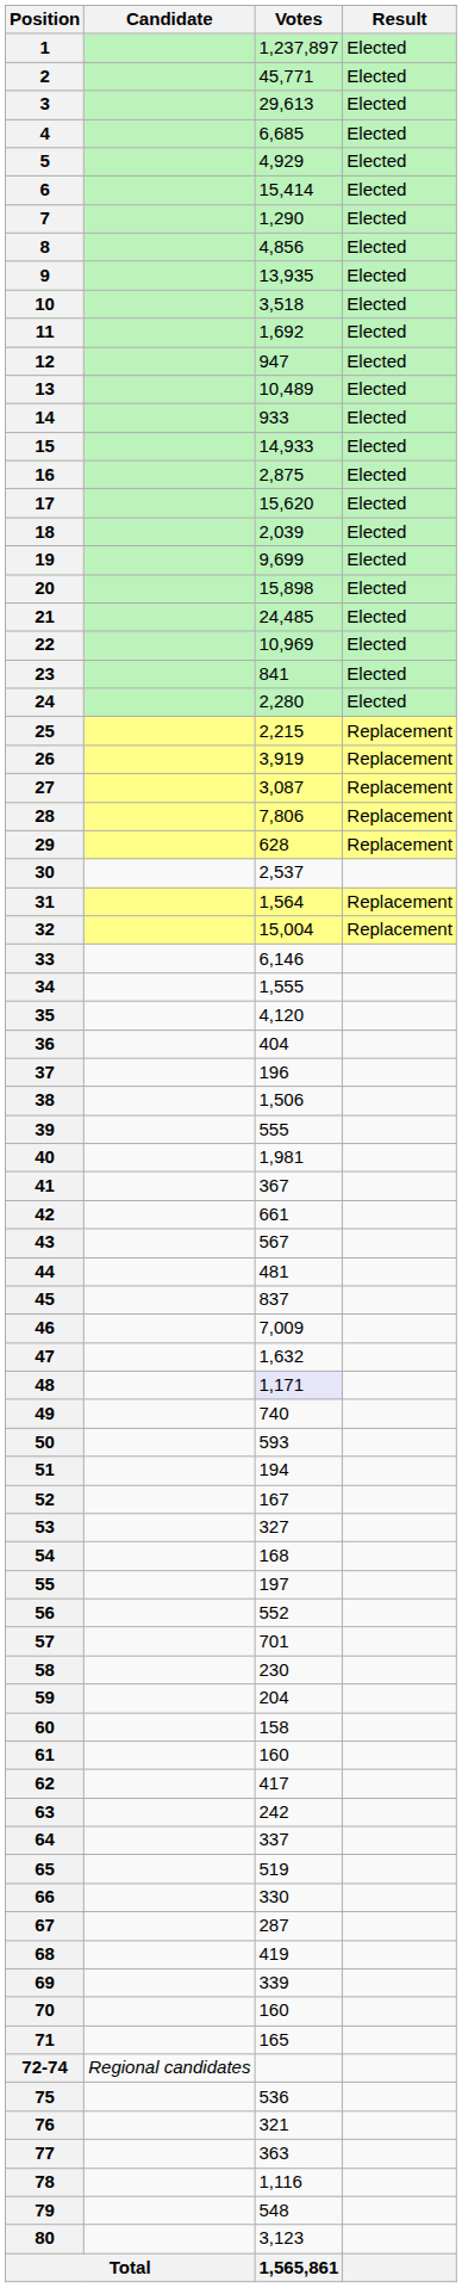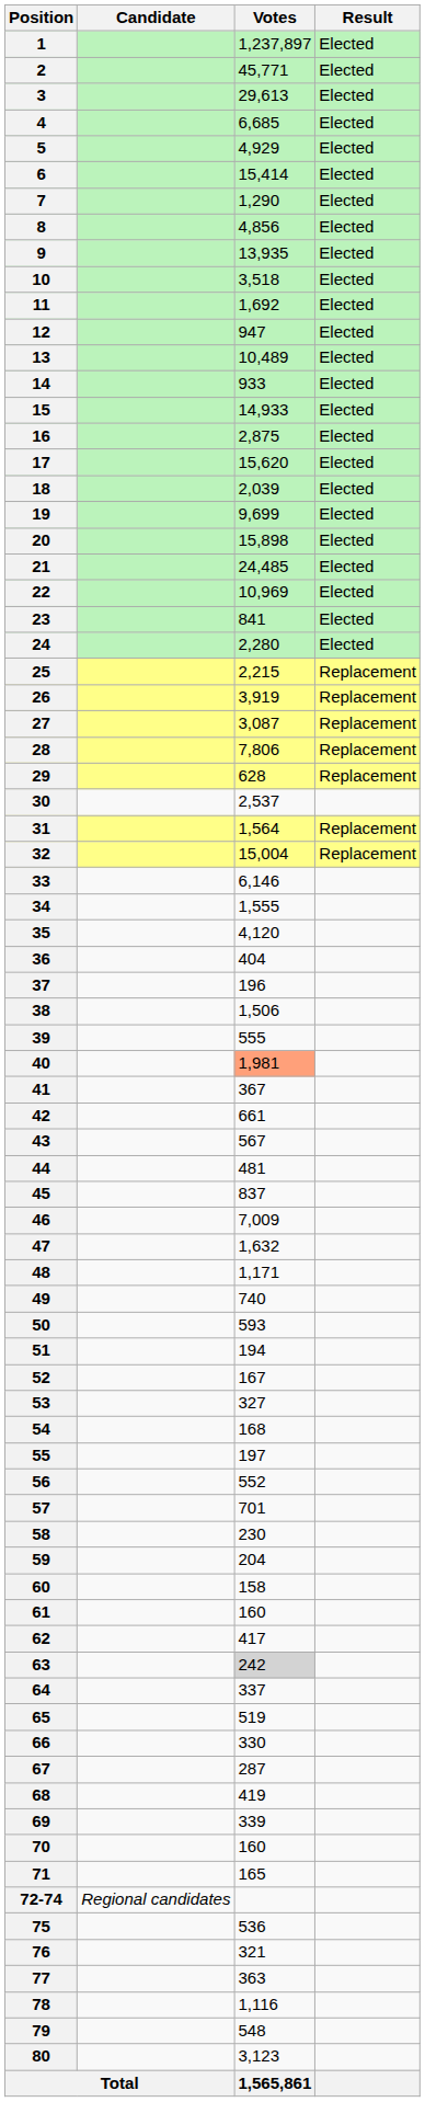 <table class="wikitable sortable col3right">
 <tr>
 <th scope="col">Position</th>
 <th scope="col">Candidate</th>
 <th scope="col">Votes</th>
 <th scope="col">Result</th>
 </tr>
 <tr bgcolor=bbf3bb>
 <th scope="row">1</th>
 <td></td>
 <td>1,237,897</td>
 <td>Elected</td>
 </tr>
 <tr bgcolor=bbf3bb>
 <th scope="row">2</th>
 <td></td>
 <td>45,771</td>
 <td>Elected</td>
 </tr>
 <tr bgcolor=bbf3bb>
 <th scope="row">3</th>
 <td></td>
 <td>29,613</td>
 <td>Elected</td>
 </tr>
 <tr bgcolor=bbf3bb>
 <th scope="row">4</th>
 <td></td>
 <td>6,685</td>
 <td>Elected</td>
 </tr>
 <tr bgcolor=bbf3bb>
 <th scope="row">5</th>
 <td></td>
 <td>4,929</td>
 <td>Elected</td>
 </tr>
 <tr bgcolor=bbf3bb>
 <th scope="row">6</th>
 <td></td>
 <td>15,414</td>
 <td>Elected</td>
 </tr>
 <tr bgcolor=bbf3bb>
 <th scope="row">7</th>
 <td></td>
 <td>1,290</td>
 <td>Elected</td>
 </tr>
 <tr bgcolor=bbf3bb>
 <th scope="row">8</th>
 <td></td>
 <td>4,856</td>
 <td>Elected</td>
 </tr>
 <tr bgcolor=bbf3bb>
 <th scope="row">9</th>
 <td></td>
 <td>13,935</td>
 <td>Elected</td>
 </tr>
 <tr bgcolor=bbf3bb>
 <th scope="row">10</th>
 <td></td>
 <td>3,518</td>
 <td>Elected</td>
 </tr>
 <tr bgcolor=bbf3bb>
 <th scope="row">11</th>
 <td></td>
 <td>1,692</td>
 <td>Elected</td>
 </tr>
 <tr bgcolor=bbf3bb>
 <th scope="row">12</th>
 <td></td>
 <td>947</td>
 <td>Elected</td>
 </tr>
 <tr bgcolor=bbf3bb>
 <th scope="row">13</th>
 <td></td>
 <td>10,489</td>
 <td>Elected</td>
 </tr>
 <tr bgcolor=bbf3bb>
 <th scope="row">14</th>
 <td></td>
 <td>933</td>
 <td>Elected</td>
 </tr>
 <tr bgcolor=bbf3bb>
 <th scope="row">15</th>
 <td></td>
 <td>14,933</td>
 <td>Elected</td>
 </tr>
 <tr bgcolor=bbf3bb>
 <th scope="row">16</th>
 <td></td>
 <td>2,875</td>
 <td>Elected</td>
 </tr>
 <tr bgcolor=bbf3bb>
 <th scope="row">17</th>
 <td></td>
 <td>15,620</td>
 <td>Elected</td>
 </tr>
 <tr bgcolor=bbf3bb>
 <th scope="row">18</th>
 <td></td>
 <td>2,039</td>
 <td>Elected</td>
 </tr>
 <tr bgcolor=bbf3bb>
 <th scope="row">19</th>
 <td></td>
 <td>9,699</td>
 <td>Elected</td>
 </tr>
 <tr bgcolor=bbf3bb>
 <th scope="row">20</th>
 <td></td>
 <td>15,898</td>
 <td>Elected</td>
 </tr>
 <tr bgcolor=bbf3bb>
 <th scope="row">21</th>
 <td></td>
 <td>24,485</td>
 <td>Elected</td>
 </tr>
 <tr bgcolor=bbf3bb>
 <th scope="row">22</th>
 <td></td>
 <td>10,969</td>
 <td>Elected</td>
 </tr>
 <tr bgcolor=bbf3bb>
 <th scope="row">23</th>
 <td></td>
 <td>841</td>
 <td>Elected</td>
 </tr>
 <tr bgcolor=bbf3bb>
 <th scope="row">24</th>
 <td></td>
 <td>2,280</td>
 <td>Elected</td>
 </tr>
 <tr bgcolor=#FF8>
 <th scope="row">25</th>
 <td></td>
 <td>2,215</td>
 <td>Replacement</td>
 </tr>
 <tr bgcolor=#FF8>
 <th scope="row">26</th>
 <td></td>
 <td>3,919</td>
 <td>Replacement</td>
 </tr>
 <tr bgcolor=#FF8>
 <th scope="row">27</th>
 <td></td>
 <td>3,087</td>
 <td>Replacement</td>
 </tr>
 <tr bgcolor=#FF8>
 <th scope="row">28</th>
 <td></td>
 <td>7,806</td>
 <td>Replacement</td>
 </tr>
 <tr bgcolor=#FF8>
 <th scope="row">29</th>
 <td></td>
 <td>628</td>
 <td>Replacement</td>
 </tr>
 <tr>
 <th scope="row">30</th>
 <td></td>
 <td>2,537</td>
 <td></td>
 </tr>
 <tr bgcolor=#FF8>
 <th scope="row">31</th>
 <td></td>
 <td>1,564</td>
 <td>Replacement</td>
 </tr>
 <tr bgcolor=#FF8>
 <th scope="row">32</th>
 <td></td>
 <td>15,004</td>
 <td>Replacement</td>
 </tr>
 <tr>
 <th scope="row">33</th>
 <td></td>
 <td>6,146</td>
 <td></td>
 </tr>
 <tr>
 <th scope="row">34</th>
 <td></td>
 <td>1,555</td>
 <td></td>
 </tr>
 <tr>
 <th scope="row">35</th>
 <td></td>
 <td>4,120</td>
 <td></td>
 </tr>
 <tr>
 <th scope="row">36</th>
 <td></td>
 <td>404</td>
 <td></td>
 </tr>
 <tr>
 <th scope="row">37</th>
 <td></td>
 <td>196</td>
 <td></td>
 </tr>
 <tr>
 <th scope="row">38</th>
 <td></td>
 <td>1,506</td>
 <td></td>
 </tr>
 <tr>
 <th scope="row">39</th>
 <td></td>
 <td>555</td>
 <td></td>
 </tr>
 <tr>
 <th scope="row">40</th>
 <td></td>
-<td>1,981</td>
+<td style="background: lightsalmon;">1,981</td>
 <td></td>
 </tr>
 <tr>
 <th scope="row">41</th>
 <td></td>
 <td>367</td>
 <td></td>
 </tr>
 <tr>
 <th scope="row">42</th>
 <td></td>
 <td>661</td>
 <td></td>
 </tr>
 <tr>
 <th scope="row">43</th>
 <td></td>
 <td>567</td>
 <td></td>
 </tr>
 <tr>
 <th scope="row">44</th>
 <td></td>
 <td>481</td>
 <td></td>
 </tr>
 <tr>
 <th scope="row">45</th>
 <td></td>
 <td>837</td>
 <td></td>
 </tr>
 <tr>
 <th scope="row">46</th>
 <td></td>
 <td>7,009</td>
 <td></td>
 </tr>
 <tr>
 <th scope="row">47</th>
 <td></td>
 <td>1,632</td>
 <td></td>
 </tr>
 <tr>
 <th scope="row">48</th>
 <td></td>
-<td style="background: lavender;">1,171</td>
+<td>1,171</td>
 <td></td>
 </tr>
 <tr>
 <th scope="row">49</th>
 <td></td>
 <td>740</td>
 <td></td>
 </tr>
 <tr>
 <th scope="row">50</th>
 <td></td>
 <td>593</td>
 <td></td>
 </tr>
 <tr>
 <th scope="row">51</th>
 <td></td>
 <td>194</td>
 <td></td>
 </tr>
 <tr>
 <th scope="row">52</th>
 <td></td>
 <td>167</td>
 <td></td>
 </tr>
 <tr>
 <th scope="row">53</th>
 <td></td>
 <td>327</td>
 <td></td>
 </tr>
 <tr>
 <th scope="row">54</th>
 <td></td>
 <td>168</td>
 <td></td>
 </tr>
 <tr>
 <th scope="row">55</th>
 <td></td>
 <td>197</td>
 <td></td>
 </tr>
 <tr>
 <th scope="row">56</th>
 <td></td>
 <td>552</td>
 <td></td>
 </tr>
 <tr>
 <th scope="row">57</th>
 <td></td>
 <td>701</td>
 <td></td>
 </tr>
 <tr>
 <th scope="row">58</th>
 <td></td>
 <td>230</td>
 <td></td>
 </tr>
 <tr>
 <th scope="row">59</th>
 <td></td>
 <td>204</td>
 <td></td>
 </tr>
 <tr>
 <th scope="row">60</th>
 <td></td>
 <td>158</td>
 <td></td>
 </tr>
 <tr>
 <th scope="row">61</th>
 <td></td>
 <td>160</td>
 <td></td>
 </tr>
 <tr>
 <th scope="row">62</th>
 <td></td>
 <td>417</td>
 <td></td>
 </tr>
 <tr>
 <th scope="row">63</th>
 <td></td>
-<td>242</td>
+<td style="background: lightgrey;">242</td>
 <td></td>
 </tr>
 <tr>
 <th scope="row">64</th>
 <td></td>
 <td>337</td>
 <td></td>
 </tr>
 <tr>
 <th scope="row">65</th>
 <td></td>
 <td>519</td>
 <td></td>
 </tr>
 <tr>
 <th scope="row">66</th>
 <td></td>
 <td>330</td>
 <td></td>
 </tr>
 <tr>
 <th scope="row">67</th>
 <td></td>
 <td>287</td>
 <td></td>
 </tr>
 <tr>
 <th scope="row">68</th>
 <td></td>
 <td>419</td>
 <td></td>
 </tr>
 <tr>
 <th scope="row">69</th>
 <td></td>
 <td>339</td>
 <td></td>
 </tr>
 <tr>
 <th scope="row">70</th>
 <td></td>
 <td>160</td>
 <td></td>
 </tr>
 <tr>
 <th scope="row">71</th>
 <td></td>
 <td>165</td>
 <td></td>
 </tr>
 <tr>
 <th scope="row">72-74</th>
 <td><em>Regional candidates</em></td>
 <td></td>
 <td></td>
 </tr>
 <tr>
 <th scope="row">75</th>
 <td></td>
 <td>536</td>
 <td></td>
 </tr>
 <tr>
 <th scope="row">76</th>
 <td></td>
 <td>321</td>
 <td></td>
 </tr>
 <tr>
 <th scope="row">77</th>
 <td></td>
 <td>363</td>
 <td></td>
 </tr>
 <tr>
 <th scope="row">78</th>
 <td></td>
 <td>1,116</td>
 <td></td>
 </tr>
 <tr>
 <th scope="row">79</th>
 <td></td>
 <td>548</td>
 <td></td>
 </tr>
 <tr>
 <th scope="row">80</th>
 <td></td>
 <td>3,123</td>
 <td></td>
 </tr>
 <tr class=sortbottom>
 <th scope="row" colspan="2">Total</th>
 <th>1,565,861</th>
 <th></th>
 </tr>
 </table>
